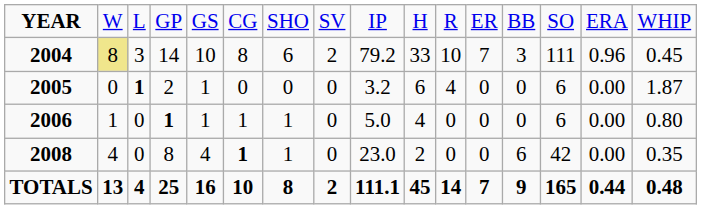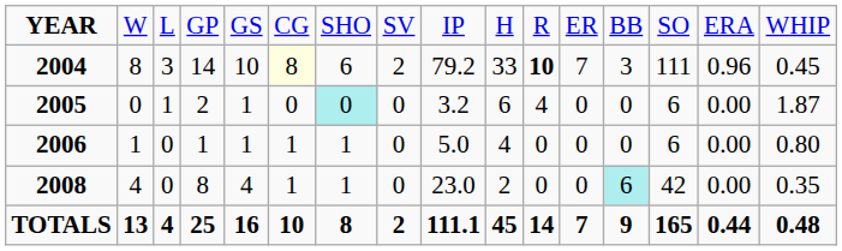 <table class="wikitable">
 <tr align=center>
 <td><strong>YEAR</strong></td>
 <td><a href='#'>W</a></td>
 <td><a href='#'>L</a></td>
 <td><a href='#'>GP</a></td>
 <td><a href='#'>GS</a></td>
 <td><a href='#'>CG</a></td>
 <td><a href='#'>SHO</a></td>
 <td><a href='#'>SV</a></td>
 <td><a href='#'>IP</a></td>
 <td><a href='#'>H</a></td>
 <td><a href='#'>R</a></td>
 <td><a href='#'>ER</a></td>
 <td><a href='#'>BB</a></td>
 <td><a href='#'>SO</a></td>
 <td><a href='#'>ERA</a></td>
 <td><a href='#'>WHIP</a></td>
 </tr>
 <tr align=center>
 <td><strong>2004</strong></td>
-<td style="background: khaki;">8</td>
+<td>8</td>
 <td>3</td>
 <td>14</td>
 <td>10</td>
-<td>8</td>
+<td style="background: lightyellow;">8</td>
 <td>6</td>
 <td>2</td>
 <td>79.2</td>
 <td>33</td>
-<td>10</td>
+<td><strong>10</strong></td>
 <td>7</td>
 <td>3</td>
 <td>111</td>
 <td>0.96</td>
 <td>0.45</td>
 </tr>
 <tr align=center>
 <td><strong>2005</strong></td>
 <td>0</td>
-<td><strong>1</strong></td>
+<td>1</td>
 <td>2</td>
 <td>1</td>
 <td>0</td>
-<td>0</td>
+<td style="background: paleturquoise;">0</td>
 <td>0</td>
 <td>3.2</td>
 <td>6</td>
 <td>4</td>
 <td>0</td>
 <td>0</td>
 <td>6</td>
 <td>0.00</td>
 <td>1.87</td>
 </tr>
 <tr align=center>
 <td><strong>2006</strong></td>
 <td>1</td>
 <td>0</td>
-<td><strong>1</strong></td>
+<td>1</td>
 <td>1</td>
 <td>1</td>
 <td>1</td>
 <td>0</td>
 <td>5.0</td>
 <td>4</td>
 <td>0</td>
 <td>0</td>
 <td>0</td>
 <td>6</td>
 <td>0.00</td>
 <td>0.80</td>
 </tr>
 <tr align=center>
 <td><strong>2008</strong></td>
 <td>4</td>
 <td>0</td>
 <td>8</td>
 <td>4</td>
-<td><strong>1</strong></td>
+<td>1</td>
 <td>1</td>
 <td>0</td>
 <td>23.0</td>
 <td>2</td>
 <td>0</td>
 <td>0</td>
-<td>6</td>
+<td style="background: paleturquoise;">6</td>
 <td>42</td>
 <td>0.00</td>
 <td>0.35</td>
 </tr>
 <tr align=center>
 <td><strong>TOTALS</strong></td>
 <td><strong>13</strong></td>
 <td><strong>4</strong></td>
 <td><strong>25</strong></td>
 <td><strong>16</strong></td>
 <td><strong>10</strong></td>
 <td><strong>8</strong></td>
 <td><strong>2</strong></td>
 <td><strong>111.1</strong></td>
 <td><strong>45</strong></td>
 <td><strong>14</strong></td>
 <td><strong>7</strong></td>
 <td><strong>9</strong></td>
 <td><strong>165</strong></td>
 <td><strong>0.44</strong></td>
 <td><strong>0.48</strong></td>
 </tr>
 </table>
